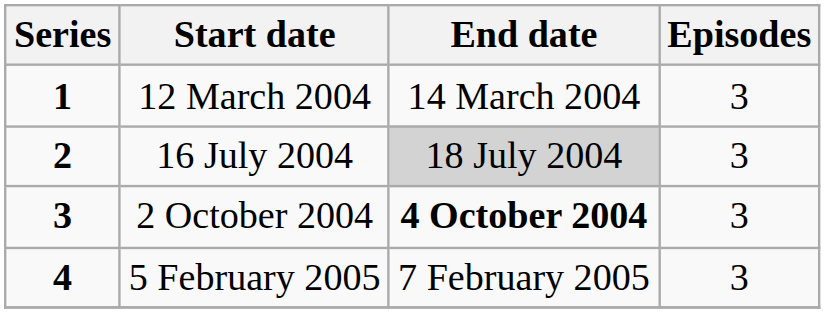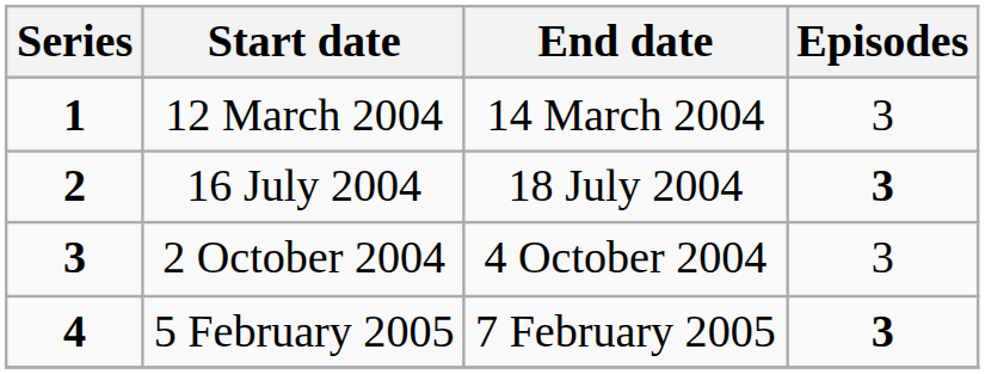 <table class="wikitable" style="text-align:center;">
 <tr>
 <th>Series</th>
 <th>Start date</th>
 <th>End date</th>
 <th>Episodes</th>
 </tr>
 <tr>
 <td><strong>1</strong></td>
 <td>12 March 2004</td>
 <td>14 March 2004</td>
 <td>3</td>
 </tr>
 <tr>
 <td><strong>2</strong></td>
 <td>16 July 2004</td>
-<td style="background: lightgrey;">18 July 2004</td>
-<td>3</td>
+<td>18 July 2004</td>
+<td><strong>3</strong></td>
 </tr>
 <tr>
 <td><strong>3</strong></td>
 <td>2 October 2004</td>
-<td><strong>4 October 2004</strong></td>
+<td>4 October 2004</td>
 <td>3</td>
 </tr>
 <tr>
 <td><strong>4</strong></td>
 <td>5 February 2005</td>
 <td>7 February 2005</td>
-<td>3</td>
+<td><strong>3</strong></td>
 </tr>
 <tr>
 </tr>
 </table>
